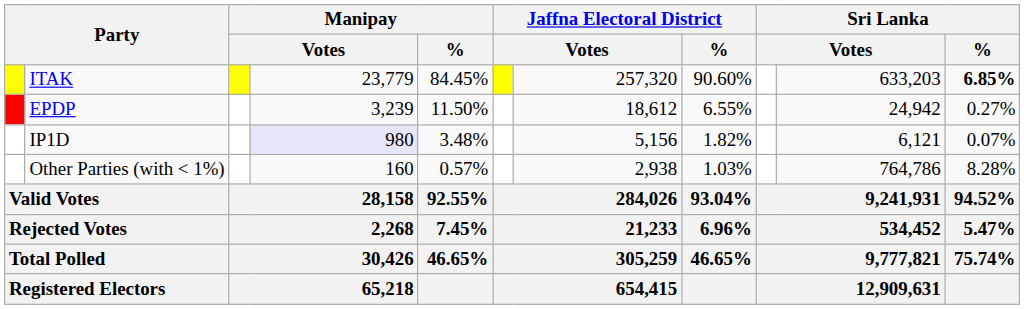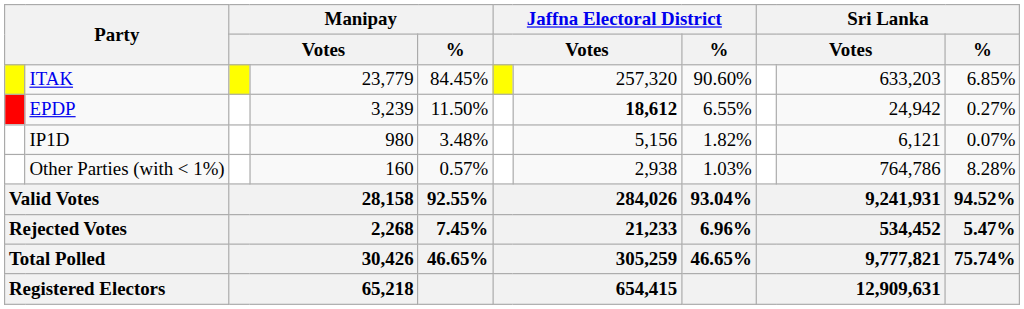 <table class="wikitable">
 <tr>
 <th colspan="2" width="144px"rowspan="2">Party</th>
 <th colspan="3" width="216px">Manipay</th>
 <th colspan="3" width="216px"><a href='#'>Jaffna Electoral District</a></th>
 <th colspan="3" width="216px">Sri Lanka</th>
 </tr>
 <tr>
 <th colspan="2" width="144px">Votes</th>
 <th>%</th>
 <th colspan="2" width="144px">Votes</th>
 <th>%</th>
 <th colspan="2" width="144px">Votes</th>
 <th>%</th>
 </tr>
 <tr>
 <td style="background-color:yellow;" width="10px"></td>
 <td style="text-align:left;"><a href='#'>ITAK</a></td>
 <td style="background-color:yellow;" width="10px"></td>
 <td style="text-align:right;">23,779</td>
 <td style="text-align:right;">84.45%</td>
 <td style="background-color:yellow;" width="10px"></td>
 <td style="text-align:right;">257,320</td>
 <td style="text-align:right;">90.60%</td>
 <td style="background-color:white;" width="10px"></td>
 <td style="text-align:right;">633,203</td>
-<td style="text-align:right;"><strong>6.85%</strong></td>
+<td style="text-align:right;">6.85%</td>
 </tr>
 <tr>
 <td style="background-color:red;" width="10px"></td>
 <td style="text-align:left;"><a href='#'>EPDP</a></td>
 <td style="background-color:white;" width="10px"></td>
 <td style="text-align:right;">3,239</td>
 <td style="text-align:right;">11.50%</td>
 <td style="background-color:white;" width="10px"></td>
-<td style="text-align:right;">18,612</td>
+<td style="text-align:right;"><strong>18,612</strong></td>
 <td style="text-align:right;">6.55%</td>
 <td style="background-color:white;" width="10px"></td>
 <td style="text-align:right;">24,942</td>
 <td style="text-align:right;">0.27%</td>
 </tr>
 <tr>
 <td style="background-color:white;" width="10px"></td>
 <td style="text-align:left;">IP1D</td>
 <td style="background-color:white;" width="10px"></td>
-<td style="background: lavender; text-align:right;">980</td>
+<td style="text-align:right;">980</td>
 <td style="text-align:right;">3.48%</td>
 <td style="background-color:white;" width="10px"></td>
 <td style="text-align:right;">5,156</td>
 <td style="text-align:right;">1.82%</td>
 <td style="background-color:white;" width="10px"></td>
 <td style="text-align:right;">6,121</td>
 <td style="text-align:right;">0.07%</td>
 </tr>
 <tr>
 <td style="background-color:white;" width="10px"></td>
 <td style="text-align:left;">Other Parties (with < 1%)</td>
 <td style="background-color:white;" width="10px"></td>
 <td style="text-align:right;">160</td>
 <td style="text-align:right;">0.57%</td>
 <td style="background-color:white;" width="10px"></td>
 <td style="text-align:right;">2,938</td>
 <td style="text-align:right;">1.03%</td>
 <td style="background-color:white;" width="10px"></td>
 <td style="text-align:right;">764,786</td>
 <td style="text-align:right;">8.28%</td>
 </tr>
 <tr>
 <th colspan="2" width="144px"style="text-align:left;">Valid Votes</th>
 <th style="text-align:right;"colspan="2" width="144px">28,158</th>
 <th style="text-align:right;">92.55%</th>
 <th style="text-align:right;"colspan="2" width="144px">284,026</th>
 <th style="text-align:right;">93.04%</th>
 <th style="text-align:right;"colspan="2" width="144px">9,241,931</th>
 <th style="text-align:right;">94.52%</th>
 </tr>
 <tr>
 <th colspan="2" width="144px"style="text-align:left;">Rejected Votes</th>
 <th style="text-align:right;"colspan="2" width="144px">2,268</th>
 <th style="text-align:right;">7.45%</th>
 <th style="text-align:right;"colspan="2" width="144px">21,233</th>
 <th style="text-align:right;">6.96%</th>
 <th style="text-align:right;"colspan="2" width="144px">534,452</th>
 <th style="text-align:right;">5.47%</th>
 </tr>
 <tr>
 <th colspan="2" width="144px"style="text-align:left;">Total Polled</th>
 <th style="text-align:right;"colspan="2" width="144px">30,426</th>
 <th style="text-align:right;">46.65%</th>
 <th style="text-align:right;"colspan="2" width="144px">305,259</th>
 <th style="text-align:right;">46.65%</th>
 <th style="text-align:right;"colspan="2" width="144px">9,777,821</th>
 <th style="text-align:right;">75.74%</th>
 </tr>
 <tr>
 <th colspan="2" width="144px"style="text-align:left;">Registered Electors</th>
 <th style="text-align:right;"colspan="2" width="144px">65,218</th>
 <th></th>
 <th style="text-align:right;"colspan="2" width="144px">654,415</th>
 <th></th>
 <th style="text-align:right;"colspan="2" width="144px">12,909,631</th>
 <th></th>
 </tr>
 </table>
